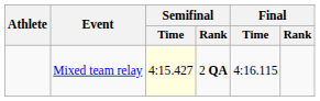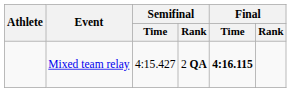 <table class="wikitable" style="font-size:90%">
 <tr>
 <th rowspan=2>Athlete</th>
 <th rowspan=2>Event</th>
 <th colspan=2>Semifinal</th>
 <th colspan=2>Final</th>
 </tr>
 <tr style="font-size:95%">
 <th>Time</th>
 <th>Rank</th>
 <th>Time</th>
 <th>Rank</th>
 </tr>
 <tr align=center>
 <td align=left rowspan=2><br><br><br></td>
 <td align=left><a href='#'>Mixed team relay</a></td>
-<td style="background: lightyellow;">4:15.427</td>
+<td>4:15.427</td>
 <td>2 <strong>QA</strong></td>
-<td>4:16.115</td>
+<td><strong>4:16.115</strong></td>
 <td></td>
 </tr>
 </table>
